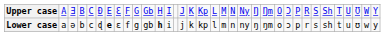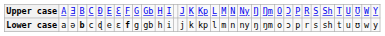 <table class="wikitable">
 <tr ->
 <th>Upper case</th>
 <td><a href='#'>A</a></td>
 <td><a href='#'>Ǝ</a></td>
 <td><a href='#'>B</a></td>
 <td><a href='#'>C</a></td>
 <td><a href='#'>Ɖ</a></td>
 <td><a href='#'>E</a></td>
 <td><a href='#'>Ɛ</a></td>
 <td><a href='#'>F</a></td>
 <td><a href='#'>G</a></td>
 <td><a href='#'>Gb</a></td>
 <td><a href='#'>H</a></td>
 <td><a href='#'>I</a></td>
 <td></td>
 <td><a href='#'>J</a></td>
 <td><a href='#'>K</a></td>
 <td><a href='#'>Kp</a></td>
 <td><a href='#'>L</a></td>
 <td><a href='#'>M</a></td>
 <td><a href='#'>N</a></td>
 <td><a href='#'>Ny</a></td>
 <td><a href='#'>Ŋ</a></td>
 <td><a href='#'>Ŋm</a></td>
 <td><a href='#'>O</a></td>
 <td><a href='#'>Ɔ</a></td>
 <td><a href='#'>P</a></td>
 <td><a href='#'>R</a></td>
 <td><a href='#'>S</a></td>
 <td><a href='#'>Sh</a></td>
 <td><a href='#'>T</a></td>
 <td><a href='#'>U</a></td>
 <td><a href='#'>Ʊ</a></td>
 <td><a href='#'>W</a></td>
 <td><a href='#'>Y</a></td>
 </tr>
 <tr ->
 <th>Lower case</th>
 <td>a</td>
 <td>ǝ</td>
-<td>b</td>
+<td><strong>b</strong></td>
 <td>c</td>
 <td>ɖ</td>
-<td><strong>e</strong></td>
+<td>e</td>
 <td>ɛ</td>
-<td>f</td>
+<td><strong>f</strong></td>
 <td>g</td>
 <td>gb</td>
-<td><strong>h</strong></td>
+<td>h</td>
 <td>i</td>
 <td></td>
 <td>j</td>
 <td>k</td>
 <td>kp</td>
 <td>l</td>
 <td>m</td>
 <td>n</td>
 <td>ny</td>
 <td>ŋ</td>
 <td>ŋm</td>
 <td>o</td>
 <td>ɔ</td>
 <td>p</td>
 <td>r</td>
 <td>s</td>
 <td>sh</td>
 <td>t</td>
 <td>u</td>
 <td>ʊ</td>
 <td>w</td>
 <td>y</td>
 </tr>
 </table>
